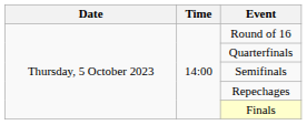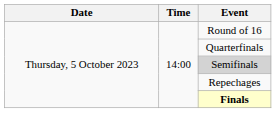 <table class = "wikitable" style="text-align:center;">
 <tr>
 <th width=220>Date</th>
 <th width=50>Time</th>
 <th width=100>Event</th>
 </tr>
 <tr>
 <td rowspan=5>Thursday, 5 October 2023</td>
 <td rowspan=5>14:00</td>
 <td>Round of 16</td>
 </tr>
 <tr>
 <td>Quarterfinals</td>
 </tr>
 <tr>
-<td>Semifinals</td>
+<td style="background: lightgrey;">Semifinals</td>
 </tr>
 <tr>
 <td>Repechages</td>
 </tr>
 <tr>
-<td bgcolor=ffffcc>Finals</td>
+<td bgcolor=ffffcc><strong>Finals</strong></td>
 </tr>
 </table>
